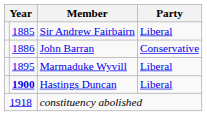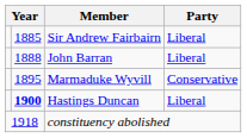 <table class="wikitable">
 <tr>
 <th colspan="2">Year</th>
 <th>Member</th>
 <th>Party</th>
 </tr>
 <tr>
 <td style="color:inherit;background-color: "></td>
 <td><a href='#'>1885</a></td>
 <td><a href='#'>Sir Andrew Fairbairn</a></td>
 <td><a href='#'>Liberal</a></td>
 </tr>
 <tr>
 <td style="color:inherit;background-color: "></td>
-<td><a href='#'>1886</a></td>
+<td><a href='#'>1888</a></td>
 <td><a href='#'>John Barran</a></td>
-<td><a href='#'>Conservative</a></td>
+<td><a href='#'>Liberal</a></td>
 </tr>
 <tr>
 <td style="color:inherit;background-color: "></td>
 <td><a href='#'>1895</a></td>
 <td><a href='#'>Marmaduke Wyvill</a></td>
-<td><a href='#'>Liberal</a></td>
+<td><a href='#'>Conservative</a></td>
 </tr>
 <tr>
 <td style="color:inherit;background-color: "></td>
 <td><strong><a href='#'>1900</a></strong></td>
 <td><a href='#'>Hastings Duncan</a></td>
 <td><a href='#'>Liberal</a></td>
 </tr>
 <tr>
 <td colspan="2" align="center"><a href='#'>1918</a></td>
 <td colspan="2"><em>constituency abolished</em></td>
 </tr>
 </table>
